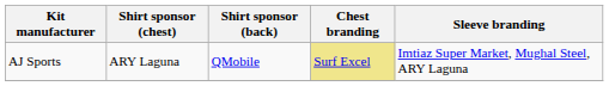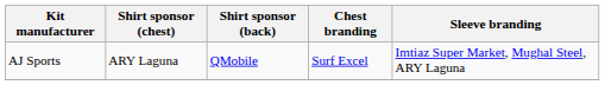 <table class="wikitable"  style="font-size:85%;">
 <tr>
 <th>Kit manufacturer</th>
 <th>Shirt sponsor (chest)</th>
 <th>Shirt sponsor (back)</th>
 <th>Chest branding</th>
 <th>Sleeve branding</th>
 </tr>
 <tr>
 <td>AJ Sports</td>
 <td>ARY Laguna</td>
 <td><a href='#'>QMobile</a></td>
-<td style="background: khaki;"><a href='#'>Surf Excel</a></td>
+<td><a href='#'>Surf Excel</a></td>
 <td><a href='#'>Imtiaz Super Market</a>, <a href='#'>Mughal Steel</a>, ARY Laguna</td>
 </tr>
 <tr>
 </tr>
 </table>
